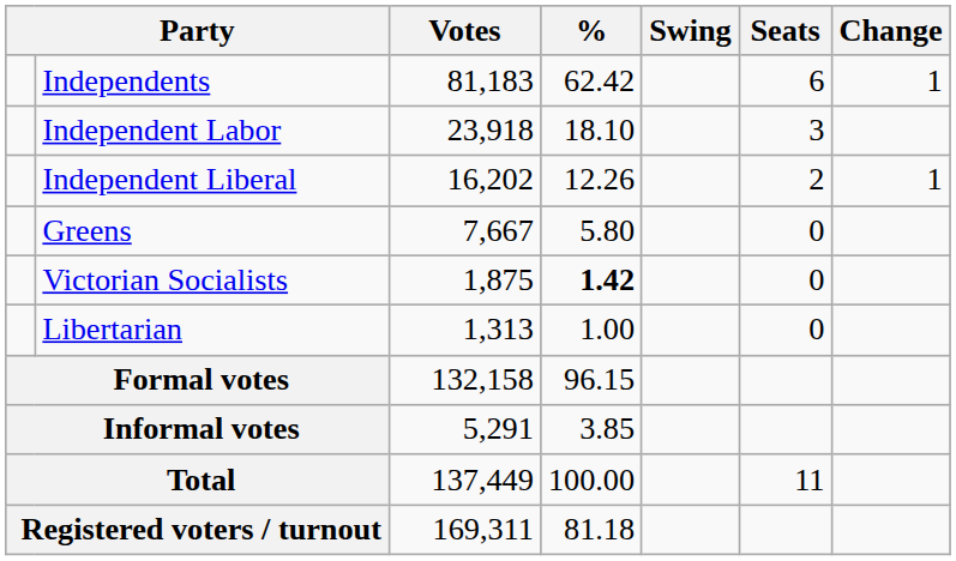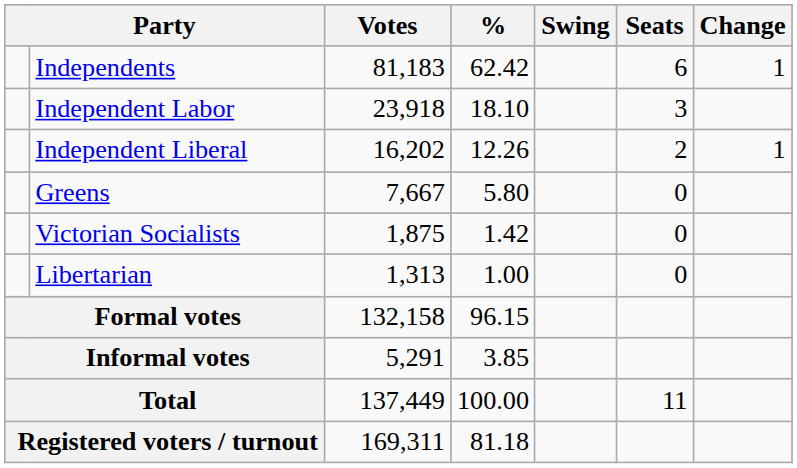 <table class="wikitable" style="text-align:right; margin-bottom:0">
 <tr>
 <th style="width:10px" colspan=3>Party</th>
 <th style="width:70px;">Votes</th>
 <th style="width:40px;">%</th>
 <th style="width:40px;">Swing</th>
 <th style="width:40px;">Seats</th>
 <th style="width:40px;">Change</th>
 </tr>
 <tr>
 <td> </td>
 <td style="text-align:left;" colspan="2"><a href='#'>Independents</a></td>
 <td>81,183</td>
 <td>62.42</td>
 <td></td>
 <td>6</td>
 <td> 1</td>
 </tr>
 <tr>
 <td> </td>
 <td style="text-align:left;" colspan="2"><a href='#'>Independent Labor</a></td>
 <td>23,918</td>
 <td>18.10</td>
 <td></td>
 <td>3</td>
 <td></td>
 </tr>
 <tr>
 <td> </td>
 <td style="text-align:left;" colspan="2"><a href='#'>Independent Liberal</a></td>
 <td>16,202</td>
 <td>12.26</td>
 <td></td>
 <td>2</td>
 <td> 1</td>
 </tr>
 <tr>
 <td> </td>
 <td style="text-align:left;" colspan="2"><a href='#'>Greens</a></td>
 <td>7,667</td>
 <td>5.80</td>
 <td></td>
 <td>0</td>
 <td></td>
 </tr>
 <tr>
 <td> </td>
 <td style="text-align:left;" colspan="2"><a href='#'>Victorian Socialists</a></td>
 <td>1,875</td>
-<td><strong>1.42</strong></td>
+<td>1.42</td>
 <td></td>
 <td>0</td>
 <td></td>
 </tr>
 <tr>
 <td> </td>
 <td style="text-align:left;" colspan="2"><a href='#'>Libertarian</a></td>
 <td>1,313</td>
 <td>1.00</td>
 <td></td>
 <td>0</td>
 <td></td>
 </tr>
 <tr>
 <th colspan="3" rowspan="1"> Formal votes</th>
 <td>132,158</td>
 <td>96.15</td>
 <td></td>
 <td></td>
 <td></td>
 </tr>
 <tr>
 <th colspan="3" rowspan="1"> Informal votes</th>
 <td>5,291</td>
 <td>3.85</td>
 <td></td>
 <td></td>
 <td></td>
 </tr>
 <tr>
 <th colspan="3" rowspan="1"> Total</th>
 <td>137,449</td>
 <td>100.00</td>
 <td></td>
 <td>11</td>
 <td></td>
 </tr>
 <tr>
 <th colspan="3" rowspan="1"> Registered voters / turnout</th>
 <td>169,311</td>
 <td>81.18</td>
 <td></td>
 <td></td>
 <td></td>
 </tr>
 </table>
